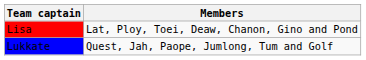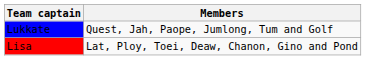 <table class="wikitable">
 <tr>
 <th>Team captain</th>
 <th>Members</th>
 </tr>
 <tr>
+<td style="background:#0000FF"><span>Lukkate </span></td>
+<td>Quest, Jah, Paope, Jumlong, Tum and Golf</td>
+</tr>
+<tr>
 <td style="background:red"><span>Lisa</span></td>
 <td>Lat, Ploy, Toei, Deaw, Chanon, Gino and Pond</td>
 </tr>
-<tr>
-<td style="background:#0000FF"><span>Lukkate </span></td>
-<td>Quest, Jah, Paope, Jumlong, Tum and Golf</td>
-</tr>
 </table>
